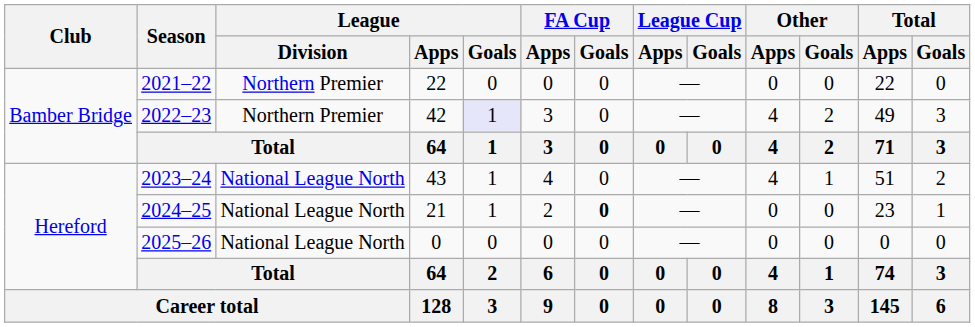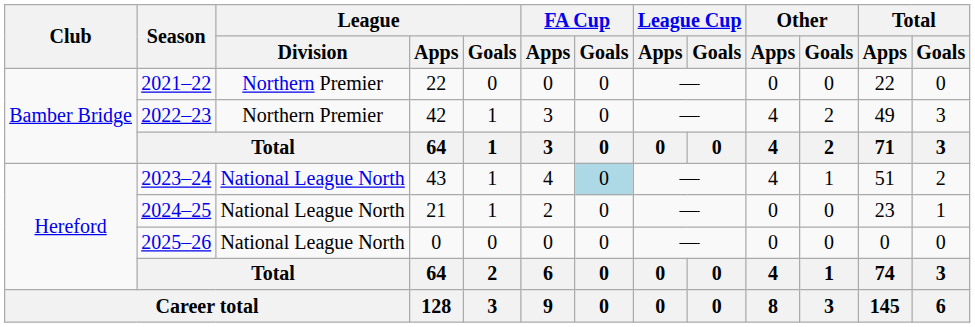 <table class="wikitable" style="text-align: center;">
 <tr>
 <th rowspan="2">Club</th>
 <th rowspan="2">Season</th>
 <th colspan="3">League</th>
 <th colspan="2"><a href='#'>FA Cup</a></th>
 <th colspan="2"><a href='#'>League Cup</a></th>
 <th colspan="2">Other</th>
 <th colspan="2">Total</th>
 </tr>
 <tr>
 <th>Division</th>
 <th>Apps</th>
 <th>Goals</th>
 <th>Apps</th>
 <th>Goals</th>
 <th>Apps</th>
 <th>Goals</th>
 <th>Apps</th>
 <th>Goals</th>
 <th>Apps</th>
 <th>Goals</th>
 </tr>
 <tr>
 <td rowspan="3"><a href='#'>Bamber Bridge</a></td>
 <td><a href='#'>2021–22</a></td>
 <td><a href='#'>Northern</a> Premier</td>
 <td>22</td>
 <td>0</td>
 <td>0</td>
 <td>0</td>
 <td colspan="2">—</td>
 <td>0</td>
 <td>0</td>
 <td>22</td>
 <td>0</td>
 </tr>
 <tr>
 <td><a href='#'>2022–23</a></td>
 <td>Northern Premier</td>
 <td>42</td>
-<td style="background: lavender;">1</td>
+<td>1</td>
 <td>3</td>
 <td>0</td>
 <td colspan="2">—</td>
 <td>4</td>
 <td>2</td>
 <td>49</td>
 <td>3</td>
 </tr>
 <tr>
 <th colspan="2">Total</th>
 <th>64</th>
 <th>1</th>
 <th>3</th>
 <th>0</th>
 <th>0</th>
 <th>0</th>
 <th>4</th>
 <th>2</th>
 <th>71</th>
 <th>3</th>
 </tr>
 <tr>
 <td rowspan="4"><a href='#'>Hereford</a></td>
 <td><a href='#'>2023–24</a></td>
 <td><a href='#'>National League North</a></td>
 <td>43</td>
 <td>1</td>
 <td>4</td>
-<td>0</td>
+<td style="background: lightblue;">0</td>
 <td colspan="2">—</td>
 <td>4</td>
 <td>1</td>
 <td>51</td>
 <td>2</td>
 </tr>
 <tr>
 <td><a href='#'>2024–25</a></td>
 <td>National League North</td>
 <td>21</td>
 <td>1</td>
 <td>2</td>
-<td><strong>0</strong></td>
+<td>0</td>
 <td colspan="2">—</td>
 <td>0</td>
 <td>0</td>
 <td>23</td>
 <td>1</td>
 </tr>
 <tr>
 <td><a href='#'>2025–26</a></td>
 <td>National League North</td>
 <td>0</td>
 <td>0</td>
 <td>0</td>
 <td>0</td>
 <td colspan="2">—</td>
 <td>0</td>
 <td>0</td>
 <td>0</td>
 <td>0</td>
 </tr>
 <tr>
 <th colspan="2">Total</th>
 <th>64</th>
 <th>2</th>
 <th>6</th>
 <th>0</th>
 <th>0</th>
 <th>0</th>
 <th>4</th>
 <th>1</th>
 <th>74</th>
 <th>3</th>
 </tr>
 <tr>
 <th colspan="3">Career total</th>
 <th>128</th>
 <th>3</th>
 <th>9</th>
 <th>0</th>
 <th>0</th>
 <th>0</th>
 <th>8</th>
 <th>3</th>
 <th>145</th>
 <th>6</th>
 </tr>
 </table>
